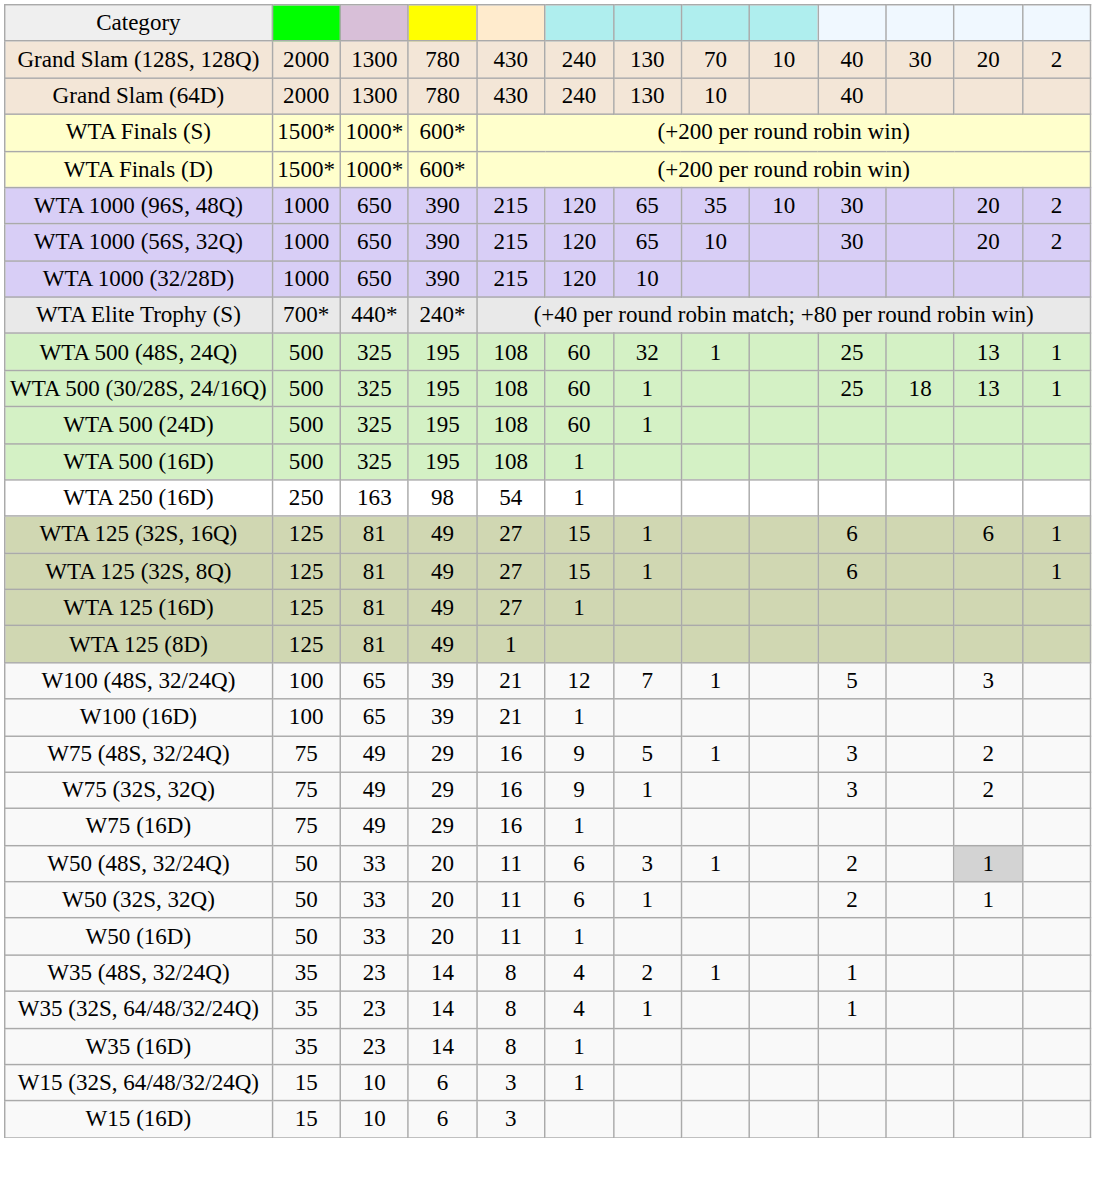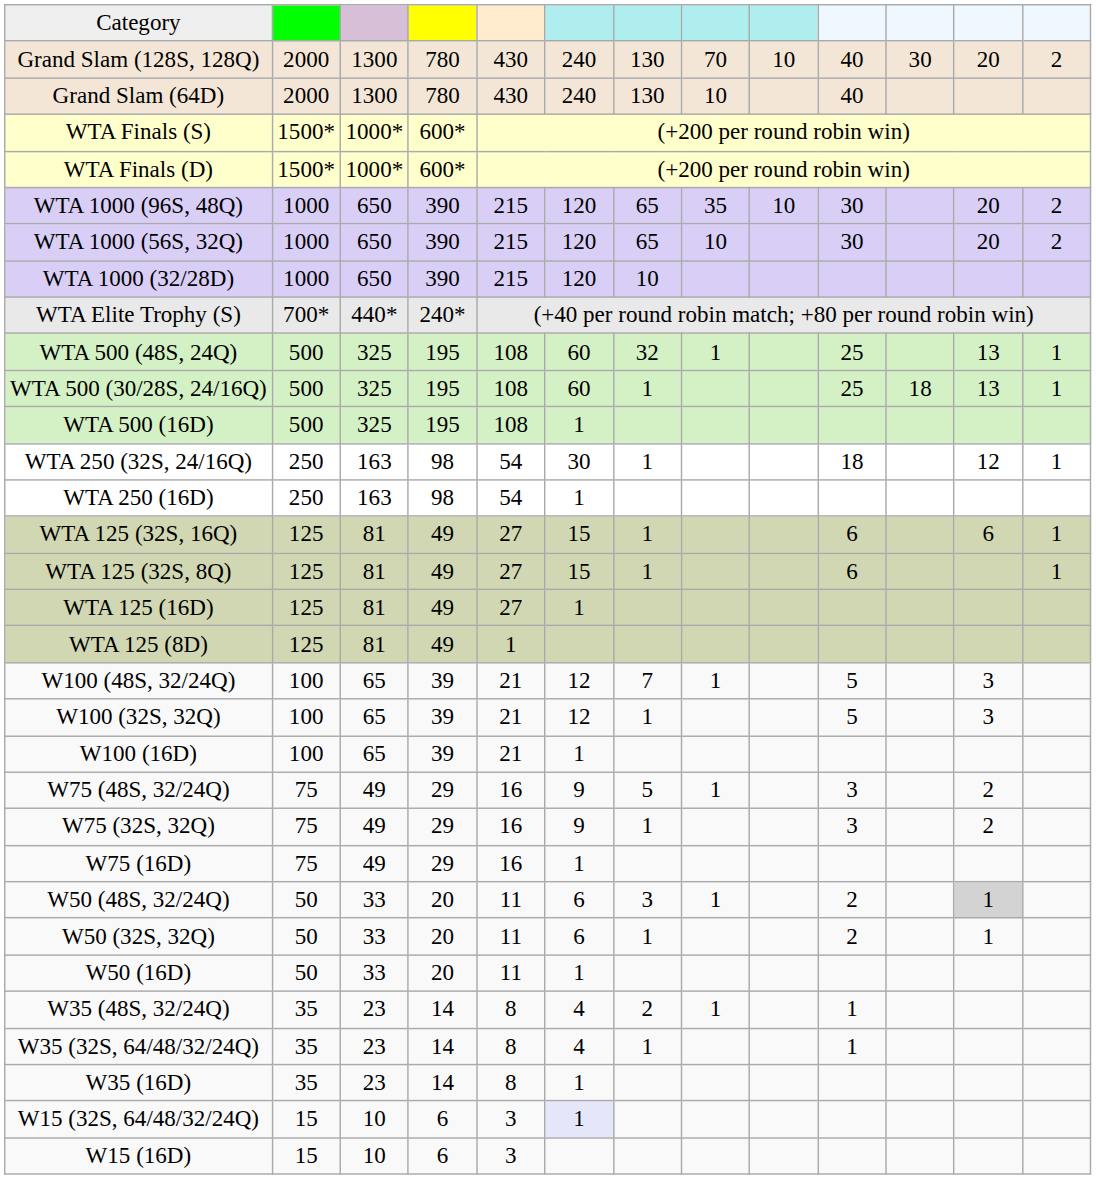 <table class="wikitable">
 <tr align=center>
 <td style="background:#efefef;">Category</td>
 <td style="width:40px; background:lime;"><strong></strong></td>
 <td style="width:40px; background:thistle;"></td>
 <td style="width:40px; background:#ff0;"></td>
 <td style="width:40px; background:#ffebcd;"></td>
 <td style="width:40px; background:#afeeee;"></td>
 <td style="width:40px; background:#afeeee;"></td>
 <td style="width:40px; background:#afeeee;"></td>
 <td style="width:40px; background:#afeeee;"></td>
 <td style="width:40px; background:#f0f8ff;"></td>
 <td style="width:40px; background:#f0f8ff;"></td>
 <td style="width:40px; background:#f0f8ff;"></td>
 <td style="width:40px; background:#f0f8ff;"></td>
 </tr>
 <tr style="text-align:center; background:#F3E6D7;">
 <td>Grand Slam (128S, 128Q)</td>
 <td>2000</td>
 <td>1300</td>
 <td>780</td>
 <td>430</td>
 <td>240</td>
 <td>130</td>
 <td>70</td>
 <td>10</td>
 <td>40</td>
 <td>30</td>
 <td>20</td>
 <td>2</td>
 </tr>
 <tr style="text-align:center; background:#F3E6D7;">
 <td>Grand Slam (64D)</td>
 <td>2000</td>
 <td>1300</td>
 <td>780</td>
 <td>430</td>
 <td>240</td>
 <td>130</td>
 <td>10</td>
 <td></td>
 <td>40</td>
 <td></td>
 <td></td>
 <td></td>
 </tr>
 <tr style="text-align:center; background:#ffc;">
 <td>WTA Finals (S)</td>
 <td>1500*</td>
 <td>1000*</td>
 <td>600*</td>
 <td colspan="9" style="text-align:center">(+200 per round robin win)</td>
 </tr>
 <tr style="text-align:center; background:#ffc;">
 <td>WTA Finals (D)</td>
 <td>1500*</td>
 <td>1000*</td>
 <td>600*</td>
 <td colspan="9" style="text-align:center">(+200 per round robin win)</td>
 </tr>
 <tr style="text-align:center; background:#d8cef6;">
 <td>WTA 1000 (96S, 48Q)</td>
 <td>1000</td>
 <td>650</td>
 <td>390</td>
 <td>215</td>
 <td>120</td>
 <td>65</td>
 <td>35</td>
 <td>10</td>
 <td>30</td>
 <td></td>
 <td>20</td>
 <td>2</td>
 </tr>
 <tr style="text-align:center; background:#d8cef6;">
 <td>WTA 1000 (56S, 32Q)</td>
 <td>1000</td>
 <td>650</td>
 <td>390</td>
 <td>215</td>
 <td>120</td>
 <td>65</td>
 <td>10</td>
 <td></td>
 <td>30</td>
 <td></td>
 <td>20</td>
 <td>2</td>
 </tr>
 <tr style="text-align:center; background:#d8cef6;">
 <td>WTA 1000 (32/28D)</td>
 <td>1000</td>
 <td>650</td>
 <td>390</td>
 <td>215</td>
 <td>120</td>
 <td>10</td>
 <td></td>
 <td></td>
 <td></td>
 <td></td>
 <td></td>
 <td></td>
 </tr>
 <tr style="text-align:center; background:#E9E9E9;">
 <td>WTA Elite Trophy (S)</td>
 <td>700*</td>
 <td>440*</td>
 <td>240*</td>
 <td colspan="9" style="text-align:center">(+40 per round robin match; +80 per round robin win)</td>
 </tr>
 <tr style="text-align:center; background:#D4F1C5;">
 <td>WTA 500 (48S, 24Q)</td>
 <td>500</td>
 <td>325</td>
 <td>195</td>
 <td>108</td>
 <td>60</td>
 <td>32</td>
 <td>1</td>
 <td></td>
 <td>25</td>
 <td></td>
 <td>13</td>
 <td>1</td>
 </tr>
 <tr style="text-align:center; background:#D4F1C5;">
 <td>WTA 500 (30/28S, 24/16Q)</td>
 <td>500</td>
 <td>325</td>
 <td>195</td>
 <td>108</td>
 <td>60</td>
 <td>1</td>
 <td></td>
 <td></td>
 <td>25</td>
 <td>18</td>
 <td>13</td>
 <td>1</td>
 </tr>
 <tr style="text-align:center; background:#D4F1C5;">
-<td>WTA 500 (24D)</td>
-<td>500</td>
-<td>325</td>
-<td>195</td>
-<td>108</td>
-<td>60</td>
-<td>1</td>
-<td></td>
-<td></td>
-<td></td>
-<td></td>
-<td></td>
-<td></td>
-</tr>
-<tr style="text-align:center; background:#D4F1C5;">
 <td>WTA 500 (16D)</td>
 <td>500</td>
 <td>325</td>
 <td>195</td>
 <td>108</td>
 <td>1</td>
 <td></td>
 <td></td>
 <td></td>
 <td></td>
 <td></td>
 <td></td>
 <td></td>
+</tr>
+<tr style="text-align:center; background:#fff;">
+<td>WTA 250 (32S, 24/16Q)</td>
+<td>250</td>
+<td>163</td>
+<td>98</td>
+<td>54</td>
+<td>30</td>
+<td>1</td>
+<td></td>
+<td></td>
+<td>18</td>
+<td></td>
+<td>12</td>
+<td>1</td>
 </tr>
 <tr style="text-align:center; background:#fff;">
 <td>WTA 250 (16D)</td>
 <td>250</td>
 <td>163</td>
 <td>98</td>
 <td>54</td>
 <td>1</td>
 <td></td>
 <td></td>
 <td></td>
 <td></td>
 <td></td>
 <td></td>
 <td></td>
 </tr>
 <tr style="text-align:center; background:#D0D7B2;">
 <td>WTA 125 (32S, 16Q)</td>
 <td>125</td>
 <td>81</td>
 <td>49</td>
 <td>27</td>
 <td>15</td>
 <td>1</td>
 <td></td>
 <td></td>
 <td>6</td>
 <td></td>
 <td>6</td>
 <td>1</td>
 </tr>
 <tr style="text-align:center; background:#D0D7B2;">
 <td>WTA 125 (32S, 8Q)</td>
 <td>125</td>
 <td>81</td>
 <td>49</td>
 <td>27</td>
 <td>15</td>
 <td>1</td>
 <td></td>
 <td></td>
 <td>6</td>
 <td></td>
 <td></td>
 <td>1</td>
 </tr>
 <tr style="text-align:center; background:#D0D7B2;">
 <td>WTA 125 (16D)</td>
 <td>125</td>
 <td>81</td>
 <td>49</td>
 <td>27</td>
 <td>1</td>
 <td></td>
 <td></td>
 <td></td>
 <td></td>
 <td></td>
 <td></td>
 <td></td>
 </tr>
 <tr style="text-align:center; background:#D0D7B2;">
 <td>WTA 125 (8D)</td>
 <td>125</td>
 <td>81</td>
 <td>49</td>
 <td>1</td>
 <td></td>
 <td></td>
 <td></td>
 <td></td>
 <td></td>
 <td></td>
 <td></td>
 <td></td>
 </tr>
 <tr style="text-align:center;">
 <td>W100 (48S, 32/24Q)</td>
 <td>100</td>
 <td>65</td>
 <td>39</td>
 <td>21</td>
 <td>12</td>
 <td>7</td>
 <td>1</td>
+<td></td>
+<td>5</td>
+<td></td>
+<td>3</td>
+<td></td>
+</tr>
+<tr style="text-align:center;">
+<td>W100 (32S, 32Q)</td>
+<td>100</td>
+<td>65</td>
+<td>39</td>
+<td>21</td>
+<td>12</td>
+<td>1</td>
+<td></td>
 <td></td>
 <td>5</td>
 <td></td>
 <td>3</td>
 <td></td>
 </tr>
 <tr style="text-align:center;">
 <td>W100 (16D)</td>
 <td>100</td>
 <td>65</td>
 <td>39</td>
 <td>21</td>
 <td>1</td>
 <td></td>
 <td></td>
 <td></td>
 <td></td>
 <td></td>
 <td></td>
 <td></td>
 </tr>
 <tr style="text-align:center;">
 <td>W75 (48S, 32/24Q)</td>
 <td>75</td>
 <td>49</td>
 <td>29</td>
 <td>16</td>
 <td>9</td>
 <td>5</td>
 <td>1</td>
 <td></td>
 <td>3</td>
 <td></td>
 <td>2</td>
 <td></td>
 </tr>
 <tr style="text-align:center;">
 <td>W75 (32S, 32Q)</td>
 <td>75</td>
 <td>49</td>
 <td>29</td>
 <td>16</td>
 <td>9</td>
 <td>1</td>
 <td></td>
 <td></td>
 <td>3</td>
 <td></td>
 <td>2</td>
 <td></td>
 </tr>
 <tr style="text-align:center;">
 <td>W75 (16D)</td>
 <td>75</td>
 <td>49</td>
 <td>29</td>
 <td>16</td>
 <td>1</td>
 <td></td>
 <td></td>
 <td></td>
 <td></td>
 <td></td>
 <td></td>
 <td></td>
 </tr>
 <tr style="text-align:center;">
 <td>W50 (48S, 32/24Q)</td>
 <td>50</td>
 <td>33</td>
 <td>20</td>
 <td>11</td>
 <td>6</td>
 <td>3</td>
 <td>1</td>
 <td></td>
 <td>2</td>
 <td></td>
 <td style="background: lightgrey;">1</td>
 <td></td>
 </tr>
 <tr style="text-align:center;">
 <td>W50 (32S, 32Q)</td>
 <td>50</td>
 <td>33</td>
 <td>20</td>
 <td>11</td>
 <td>6</td>
 <td>1</td>
 <td></td>
 <td></td>
 <td>2</td>
 <td></td>
 <td>1</td>
 <td></td>
 </tr>
 <tr style="text-align:center;">
 <td>W50 (16D)</td>
 <td>50</td>
 <td>33</td>
 <td>20</td>
 <td>11</td>
 <td>1</td>
 <td></td>
 <td></td>
 <td></td>
 <td></td>
 <td></td>
 <td></td>
 <td></td>
 </tr>
 <tr style="text-align:center;">
 <td>W35 (48S, 32/24Q)</td>
 <td>35</td>
 <td>23</td>
 <td>14</td>
 <td>8</td>
 <td>4</td>
 <td>2</td>
 <td>1</td>
 <td></td>
 <td>1</td>
 <td></td>
 <td></td>
 <td></td>
 </tr>
 <tr style="text-align:center;">
 <td>W35 (32S, 64/48/32/24Q)</td>
 <td>35</td>
 <td>23</td>
 <td>14</td>
 <td>8</td>
 <td>4</td>
 <td>1</td>
 <td></td>
 <td></td>
 <td>1</td>
 <td></td>
 <td></td>
 <td></td>
 </tr>
 <tr style="text-align:center;">
 <td>W35 (16D)</td>
 <td>35</td>
 <td>23</td>
 <td>14</td>
 <td>8</td>
 <td>1</td>
 <td></td>
 <td></td>
 <td></td>
 <td></td>
 <td></td>
 <td></td>
 <td></td>
 </tr>
 <tr style="text-align:center;">
 <td>W15 (32S, 64/48/32/24Q)</td>
 <td>15</td>
 <td>10</td>
 <td>6</td>
 <td>3</td>
-<td>1</td>
+<td style="background: lavender;">1</td>
 <td></td>
 <td></td>
 <td></td>
 <td></td>
 <td></td>
 <td></td>
 <td></td>
 </tr>
 <tr style="text-align:center;">
 <td>W15 (16D)</td>
 <td>15</td>
 <td>10</td>
 <td>6</td>
 <td>3</td>
 <td></td>
 <td></td>
 <td></td>
 <td></td>
 <td></td>
 <td></td>
 <td></td>
 <td></td>
 </tr>
 </table>
